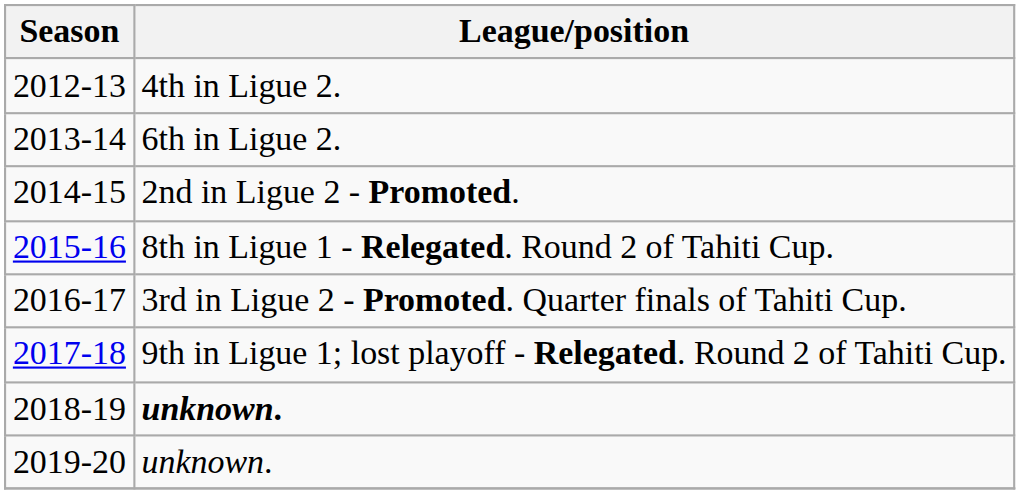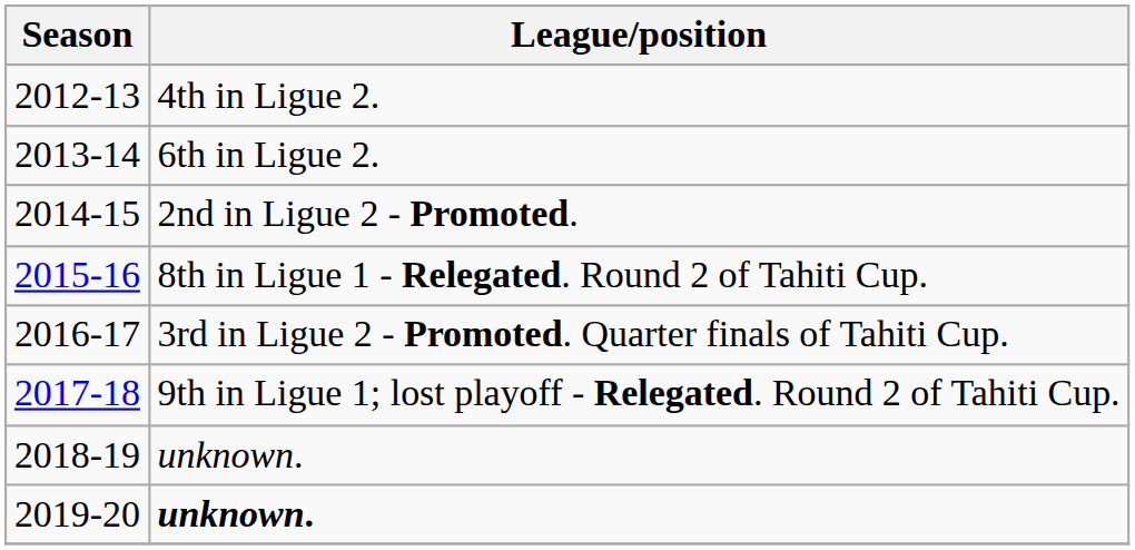 <table class="wikitable sortable">
 <tr>
 <th>Season</th>
 <th>League/position</th>
 </tr>
 <tr>
 <td>2012-13</td>
 <td>4th in Ligue 2.</td>
 </tr>
 <tr>
 <td>2013-14</td>
 <td>6th in Ligue 2.</td>
 </tr>
 <tr>
 <td>2014-15</td>
 <td>2nd in Ligue 2 - <strong>Promoted</strong>.</td>
 </tr>
 <tr>
 <td><a href='#'>2015-16</a></td>
 <td>8th in Ligue 1 - <strong>Relegated</strong>. Round 2 of Tahiti Cup.</td>
 </tr>
 <tr>
 <td>2016-17</td>
 <td>3rd in Ligue 2 - <strong>Promoted</strong>. Quarter finals of Tahiti Cup.</td>
 </tr>
 <tr>
 <td><a href='#'>2017-18</a></td>
 <td>9th in Ligue 1; lost playoff - <strong>Relegated</strong>. Round 2 of Tahiti Cup.</td>
 </tr>
 <tr>
 <td>2018-19</td>
-<td><strong><em>unknown</em>.</strong></td>
+<td><em>unknown</em>.</td>
 </tr>
 <tr>
 <td>2019-20</td>
-<td><em>unknown</em>.</td>
+<td><strong><em>unknown</em>.</strong></td>
 </tr>
 <tr>
 </tr>
 </table>
